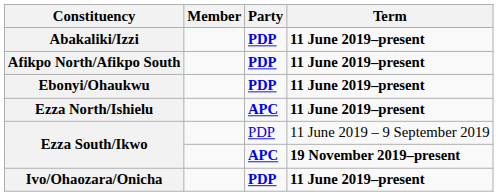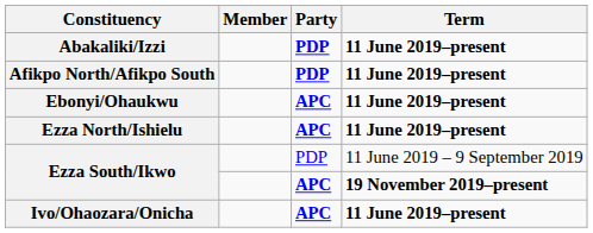 <table class="wikitable">
 <tr valign=bottom>
 <th>Constituency</th>
 <th>Member</th>
 <th>Party</th>
 <th>Term</th>
 </tr>
 <tr>
 <th>Abakaliki/Izzi</th>
 <td><strong></strong></td>
 <td><strong><a href='#'>PDP</a></strong></td>
 <td><strong>11 June 2019–present</strong></td>
 </tr>
 <tr>
 <th>Afikpo North/Afikpo South</th>
 <td><strong></strong></td>
 <td><strong><a href='#'>PDP</a></strong></td>
 <td><strong>11 June 2019–present</strong></td>
 </tr>
 <tr>
 <th>Ebonyi/Ohaukwu</th>
 <td><strong></strong></td>
-<td><strong><a href='#'>PDP</a></strong></td>
+<td><strong><a href='#'>APC</a></strong></td>
 <td><strong>11 June 2019–present</strong></td>
 </tr>
 <tr>
 <th>Ezza North/Ishielu</th>
 <td><strong></strong></td>
 <td><strong><a href='#'>APC</a></strong></td>
 <td><strong>11 June 2019–present</strong></td>
 </tr>
 <tr>
 <th rowspan=2>Ezza South/Ikwo</th>
 <td style="opacity:.3;"></td>
 <td><a href='#'>PDP</a></td>
 <td>11 June 2019 – 9 September 2019</td>
 </tr>
 <tr>
 <td><strong></strong></td>
 <td><strong><a href='#'>APC</a></strong></td>
 <td><strong>19 November 2019–present</strong></td>
 </tr>
 <tr>
 <th>Ivo/Ohaozara/Onicha</th>
 <td><strong></strong></td>
-<td><strong><a href='#'>PDP</a></strong></td>
+<td><strong><a href='#'>APC</a></strong></td>
 <td><strong>11 June 2019–present</strong></td>
 </tr>
 </table>
